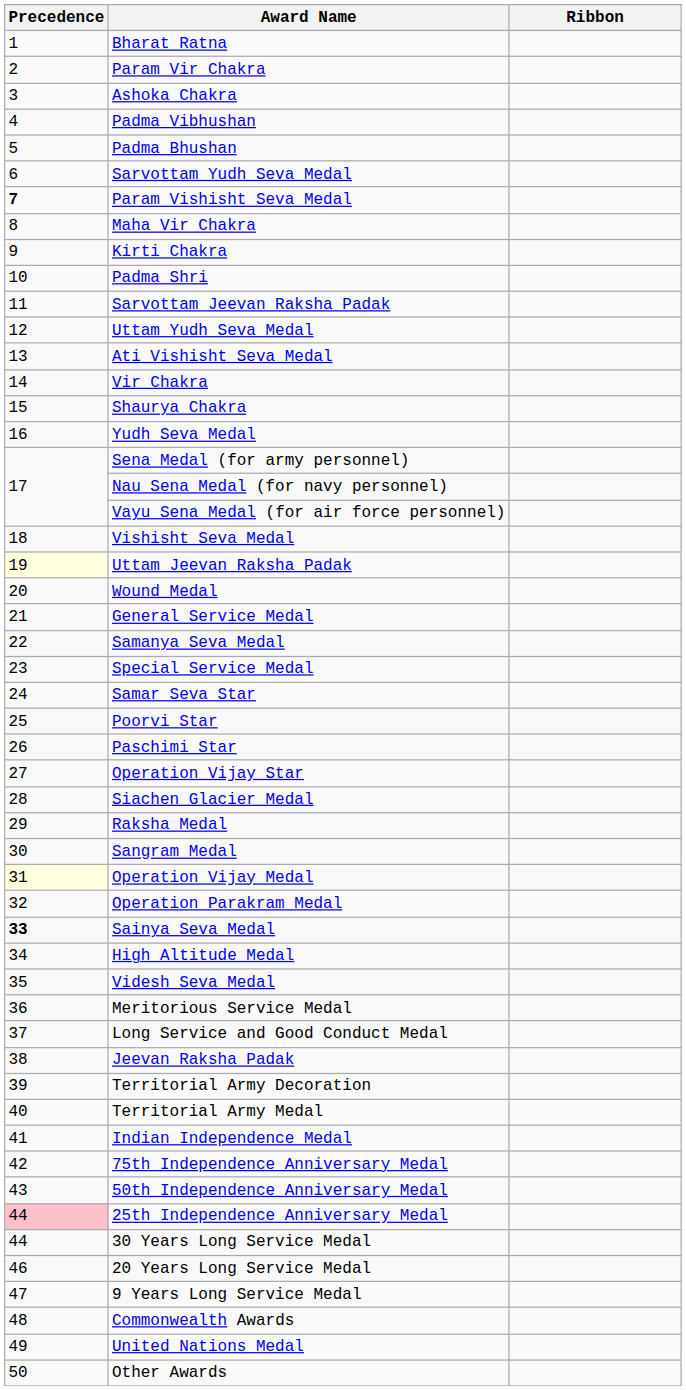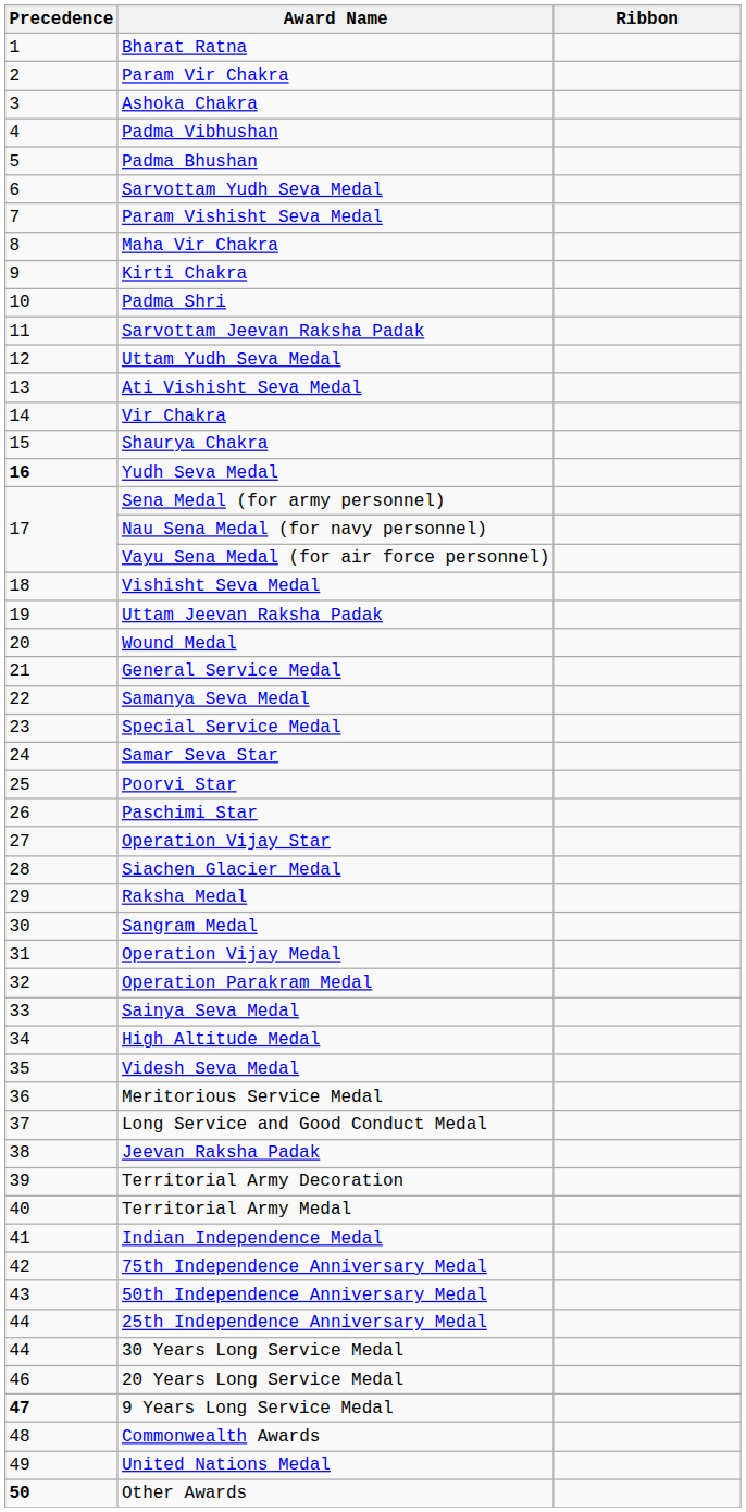 <table class="wikitable sortable">
 <tr>
 <th>Precedence</th>
 <th>Award Name</th>
 <th style="width: 100pt;">Ribbon</th>
 </tr>
 <tr>
 <td>1</td>
 <td><a href='#'>Bharat Ratna</a></td>
 <td width="100" style="text-align: center;"></td>
 </tr>
 <tr>
 <td>2</td>
 <td><a href='#'>Param Vir Chakra</a></td>
 <td width="100" style="text-align: center;"></td>
 </tr>
 <tr>
 <td>3</td>
 <td><a href='#'>Ashoka Chakra</a></td>
 <td width="100" style="text-align: center;"></td>
 </tr>
 <tr>
 <td>4</td>
 <td><a href='#'>Padma Vibhushan</a></td>
 <td width="100" style="text-align: center;"></td>
 </tr>
 <tr>
 <td>5</td>
 <td><a href='#'>Padma Bhushan</a></td>
 <td width="100" style="text-align: center;"></td>
 </tr>
 <tr>
 <td>6</td>
 <td><a href='#'>Sarvottam Yudh Seva Medal</a></td>
 <td width="100" style="text-align: center;"></td>
 </tr>
 <tr>
-<td><strong>7</strong></td>
+<td>7</td>
 <td><a href='#'>Param Vishisht Seva Medal</a></td>
 <td width="100" style="text-align: center;"></td>
 </tr>
 <tr>
 <td>8</td>
 <td><a href='#'>Maha Vir Chakra</a></td>
 <td width="100" style="text-align: center;"></td>
 </tr>
 <tr>
 <td>9</td>
 <td><a href='#'>Kirti Chakra</a></td>
 <td width="100" style="text-align: center;"></td>
 </tr>
 <tr>
 <td>10</td>
 <td><a href='#'>Padma Shri</a></td>
 <td width="100" style="text-align: center;"></td>
 </tr>
 <tr>
 <td>11</td>
 <td><a href='#'>Sarvottam Jeevan Raksha Padak</a></td>
 <td width="100" style="text-align: center;"></td>
 </tr>
 <tr>
 <td>12</td>
 <td><a href='#'>Uttam Yudh Seva Medal</a></td>
 <td width="100" style="text-align: center;"></td>
 </tr>
 <tr>
 <td>13</td>
 <td><a href='#'>Ati Vishisht Seva Medal</a></td>
 <td width="100" style="text-align: center;"></td>
 </tr>
 <tr>
 <td>14</td>
 <td><a href='#'>Vir Chakra</a></td>
 <td width="100" style="text-align: center;"></td>
 </tr>
 <tr>
 <td>15</td>
 <td><a href='#'>Shaurya Chakra</a></td>
 <td width="100" style="text-align: center;"></td>
 </tr>
 <tr>
-<td>16</td>
+<td><strong>16</strong></td>
 <td><a href='#'>Yudh Seva Medal</a></td>
 <td width="100" style="text-align: center;"></td>
 </tr>
 <tr>
 <td rowspan="3">17</td>
 <td><a href='#'>Sena Medal</a> (for army personnel)</td>
 <td style="width: 100pt; text-align: center;"></td>
 </tr>
 <tr>
 <td><a href='#'>Nau Sena Medal</a> (for navy personnel)</td>
 <td width="100" style="text-align: center;"></td>
 </tr>
 <tr>
 <td><a href='#'>Vayu Sena Medal</a> (for air force personnel)</td>
 <td width="100" style="text-align: center;"></td>
 </tr>
 <tr>
 <td>18</td>
 <td><a href='#'>Vishisht Seva Medal</a></td>
 <td width="100" style="text-align: center;"></td>
 </tr>
 <tr>
-<td style="background: lightyellow;">19</td>
+<td>19</td>
 <td><a href='#'>Uttam Jeevan Raksha Padak</a></td>
 <td width="100" style="text-align: center;"></td>
 </tr>
 <tr>
 <td>20</td>
 <td><a href='#'>Wound Medal</a></td>
 <td width="100" style="text-align: center;"></td>
 </tr>
 <tr>
 <td>21</td>
 <td><a href='#'>General Service Medal</a></td>
 <td width="100" style="text-align: center;"></td>
 </tr>
 <tr>
 <td>22</td>
 <td><a href='#'>Samanya Seva Medal</a></td>
 <td width="100" style="text-align: center;"></td>
 </tr>
 <tr>
 <td>23</td>
 <td><a href='#'>Special Service Medal</a></td>
 <td width="100" style="text-align: center;"></td>
 </tr>
 <tr>
 <td>24</td>
 <td><a href='#'>Samar Seva Star</a></td>
 <td width="100" style="text-align: center;"></td>
 </tr>
 <tr>
 <td>25</td>
 <td><a href='#'>Poorvi Star</a></td>
 <td width="100" style="text-align: center;"></td>
 </tr>
 <tr>
 <td>26</td>
 <td><a href='#'>Paschimi Star</a></td>
 <td width="100" style="text-align: center;"></td>
 </tr>
 <tr>
 <td>27</td>
 <td><a href='#'>Operation Vijay Star</a></td>
 <td width="100" style="text-align: center;"></td>
 </tr>
 <tr>
 <td>28</td>
 <td><a href='#'>Siachen Glacier Medal</a></td>
 <td width="100" style="text-align: center;"></td>
 </tr>
 <tr>
 <td>29</td>
 <td><a href='#'>Raksha Medal</a></td>
 <td width="100" style="text-align: center;"></td>
 </tr>
 <tr>
 <td>30</td>
 <td><a href='#'>Sangram Medal</a></td>
 <td width="100" style="text-align: center;"></td>
 </tr>
 <tr>
-<td style="background: lightyellow;">31</td>
+<td>31</td>
 <td><a href='#'>Operation Vijay Medal</a></td>
 <td width="100" style="text-align: center;"></td>
 </tr>
 <tr>
 <td>32</td>
 <td><a href='#'>Operation Parakram Medal</a></td>
 <td width="100" style="text-align: center;"></td>
 </tr>
 <tr>
-<td><strong>33</strong></td>
+<td>33</td>
 <td><a href='#'>Sainya Seva Medal</a></td>
 <td width="100" style="text-align: center;"></td>
 </tr>
 <tr>
 <td>34</td>
 <td><a href='#'>High Altitude Medal</a></td>
 <td width="100" style="text-align: center;"></td>
 </tr>
 <tr>
 <td>35</td>
 <td><a href='#'>Videsh Seva Medal</a></td>
 <td width="100" style="text-align: center;"></td>
 </tr>
 <tr>
 <td>36</td>
 <td>Meritorious Service Medal</td>
 <td width="100" style="text-align: center;"></td>
 </tr>
 <tr>
 <td>37</td>
 <td>Long Service and Good Conduct Medal</td>
 <td width="100" style="text-align: center;"></td>
 </tr>
 <tr>
 <td>38</td>
 <td><a href='#'>Jeevan Raksha Padak</a></td>
 <td width="100" style="text-align: center;"></td>
 </tr>
 <tr>
 <td>39</td>
 <td>Territorial Army Decoration</td>
 <td width="100" style="text-align: center;"></td>
 </tr>
 <tr>
 <td>40</td>
 <td>Territorial Army Medal</td>
 <td width="100" style="text-align: center;"></td>
 </tr>
 <tr>
 <td>41</td>
 <td><a href='#'>Indian Independence Medal</a></td>
 <td width="100" style="text-align: center;"></td>
 </tr>
 <tr>
 <td>42</td>
 <td><a href='#'>75th Independence Anniversary Medal</a></td>
 <td width="100" style="text-align: center;"></td>
 </tr>
 <tr>
 <td>43</td>
 <td><a href='#'>50th Independence Anniversary Medal</a></td>
 <td width="100" style="text-align: center;"></td>
 </tr>
 <tr>
-<td style="background: pink;">44</td>
+<td>44</td>
 <td><a href='#'>25th Independence Anniversary Medal</a></td>
 <td width="100" style="text-align: center;"></td>
 </tr>
 <tr>
 <td>44</td>
 <td>30 Years Long Service Medal</td>
 <td width="100" style="text-align: center;"></td>
 </tr>
 <tr>
 <td>46</td>
 <td>20 Years Long Service Medal</td>
 <td width="100" style="text-align: center;"></td>
 </tr>
 <tr>
-<td>47</td>
+<td><strong>47</strong></td>
 <td>9 Years Long Service Medal</td>
 <td width="100" style="text-align: center;"></td>
 </tr>
 <tr>
 <td>48</td>
 <td><a href='#'>Commonwealth</a> Awards</td>
 <td></td>
 </tr>
 <tr>
 <td>49</td>
 <td><a href='#'>United Nations Medal</a></td>
 <td width="100" style="text-align: center;"></td>
 </tr>
 <tr>
-<td>50</td>
+<td><strong>50</strong></td>
 <td>Other Awards</td>
 <td></td>
 </tr>
 </table>
